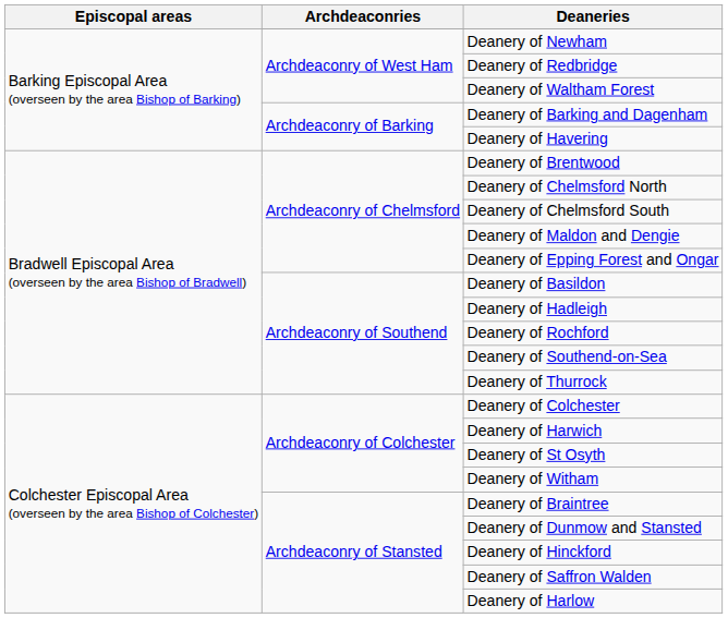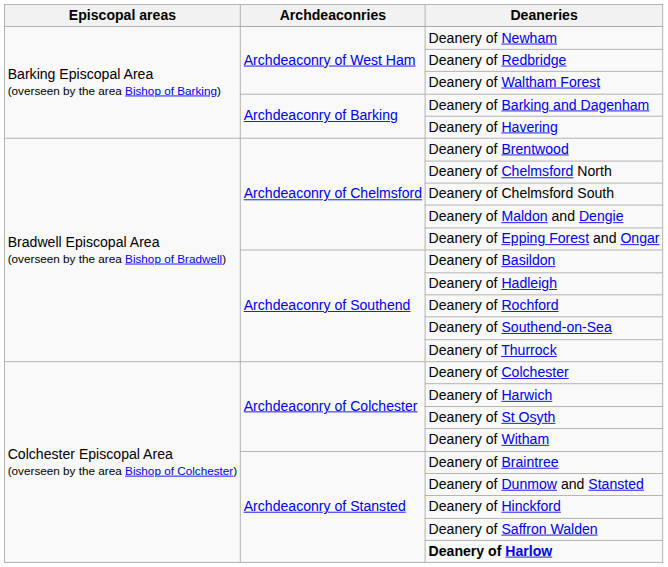 <table class="wikitable">
 <tr>
 <th>Episcopal areas</th>
 <th>Archdeaconries</th>
 <th>Deaneries</th>
 </tr>
 <tr>
 <td rowspan=6>Barking Episcopal Area<br><small>(overseen by the area <a href='#'>Bishop of Barking</a>)</small></td>
 </tr>
 <tr>
 <td rowspan=3><a href='#'>Archdeaconry of West Ham</a></td>
 <td>Deanery of <a href='#'>Newham</a></td>
 </tr>
 <tr>
 <td>Deanery of <a href='#'>Redbridge</a></td>
 </tr>
 <tr>
 <td>Deanery of <a href='#'>Waltham Forest</a></td>
 </tr>
 <tr>
 <td rowspan=2><a href='#'>Archdeaconry of Barking</a></td>
 <td>Deanery of <a href='#'>Barking and Dagenham</a></td>
 </tr>
 <tr>
 <td>Deanery of <a href='#'>Havering</a></td>
 </tr>
 <tr>
 <td rowspan=10>Bradwell Episcopal Area<br><small>(overseen by the area <a href='#'>Bishop of Bradwell</a>)</small></td>
 <td rowspan=5><a href='#'>Archdeaconry of Chelmsford</a></td>
 <td>Deanery of <a href='#'>Brentwood</a></td>
 </tr>
 <tr>
 <td>Deanery of <a href='#'>Chelmsford</a> North</td>
 </tr>
 <tr>
 <td>Deanery of Chelmsford South</td>
 </tr>
 <tr>
 <td>Deanery of <a href='#'>Maldon</a> and <a href='#'>Dengie</a></td>
 </tr>
 <tr>
 <td>Deanery of <a href='#'>Epping Forest</a> and <a href='#'>Ongar</a></td>
 </tr>
 <tr>
 <td rowspan=5><a href='#'>Archdeaconry of Southend</a></td>
 <td>Deanery of <a href='#'>Basildon</a></td>
 </tr>
 <tr>
 <td>Deanery of <a href='#'>Hadleigh</a></td>
 </tr>
 <tr>
 <td>Deanery of <a href='#'>Rochford</a></td>
 </tr>
 <tr>
 <td>Deanery of <a href='#'>Southend-on-Sea</a></td>
 </tr>
 <tr>
 <td>Deanery of <a href='#'>Thurrock</a></td>
 </tr>
 <tr>
 <td rowspan=9>Colchester Episcopal Area<br><small>(overseen by the area <a href='#'>Bishop of Colchester</a>)</small></td>
 <td rowspan=4><a href='#'>Archdeaconry of Colchester</a></td>
 <td>Deanery of <a href='#'>Colchester</a></td>
 </tr>
 <tr>
 <td>Deanery of <a href='#'>Harwich</a></td>
 </tr>
 <tr>
 <td>Deanery of <a href='#'>St Osyth</a></td>
 </tr>
 <tr>
 <td>Deanery of <a href='#'>Witham</a></td>
 </tr>
 <tr>
 <td rowspan=5><a href='#'>Archdeaconry of Stansted</a></td>
 <td>Deanery of <a href='#'>Braintree</a></td>
 </tr>
 <tr>
 <td>Deanery of <a href='#'>Dunmow</a> and <a href='#'>Stansted</a></td>
 </tr>
 <tr>
 <td>Deanery of <a href='#'>Hinckford</a></td>
 </tr>
 <tr>
 <td>Deanery of <a href='#'>Saffron Walden</a></td>
 </tr>
 <tr>
-<td>Deanery of <a href='#'>Harlow</a></td>
+<td><strong>Deanery of <a href='#'>Harlow</a></strong></td>
 </tr>
 </table>
